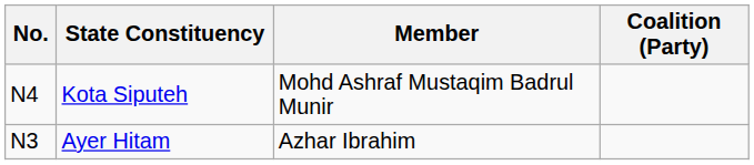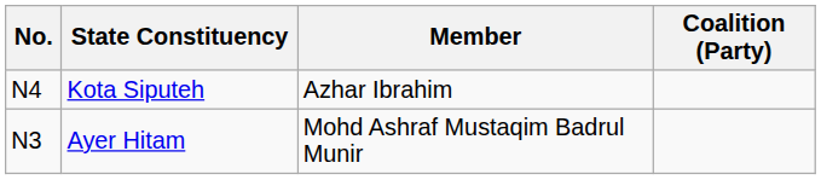 <table class="wikitable">
 <tr>
 <th width="30">No.</th>
 <th width="150">State Constituency</th>
 <th width="230">Member</th>
 <th width="100">Coalition (Party)</th>
 </tr>
 <tr>
 <td>N4</td>
 <td><a href='#'>Kota Siputeh</a></td>
-<td>Mohd Ashraf Mustaqim Badrul Munir</td>
+<td>Azhar Ibrahim</td>
 <td></td>
 </tr>
 <tr>
 <td>N3</td>
 <td><a href='#'>Ayer Hitam</a></td>
-<td>Azhar Ibrahim</td>
+<td>Mohd Ashraf Mustaqim Badrul Munir</td>
 <td></td>
 </tr>
 </table>
